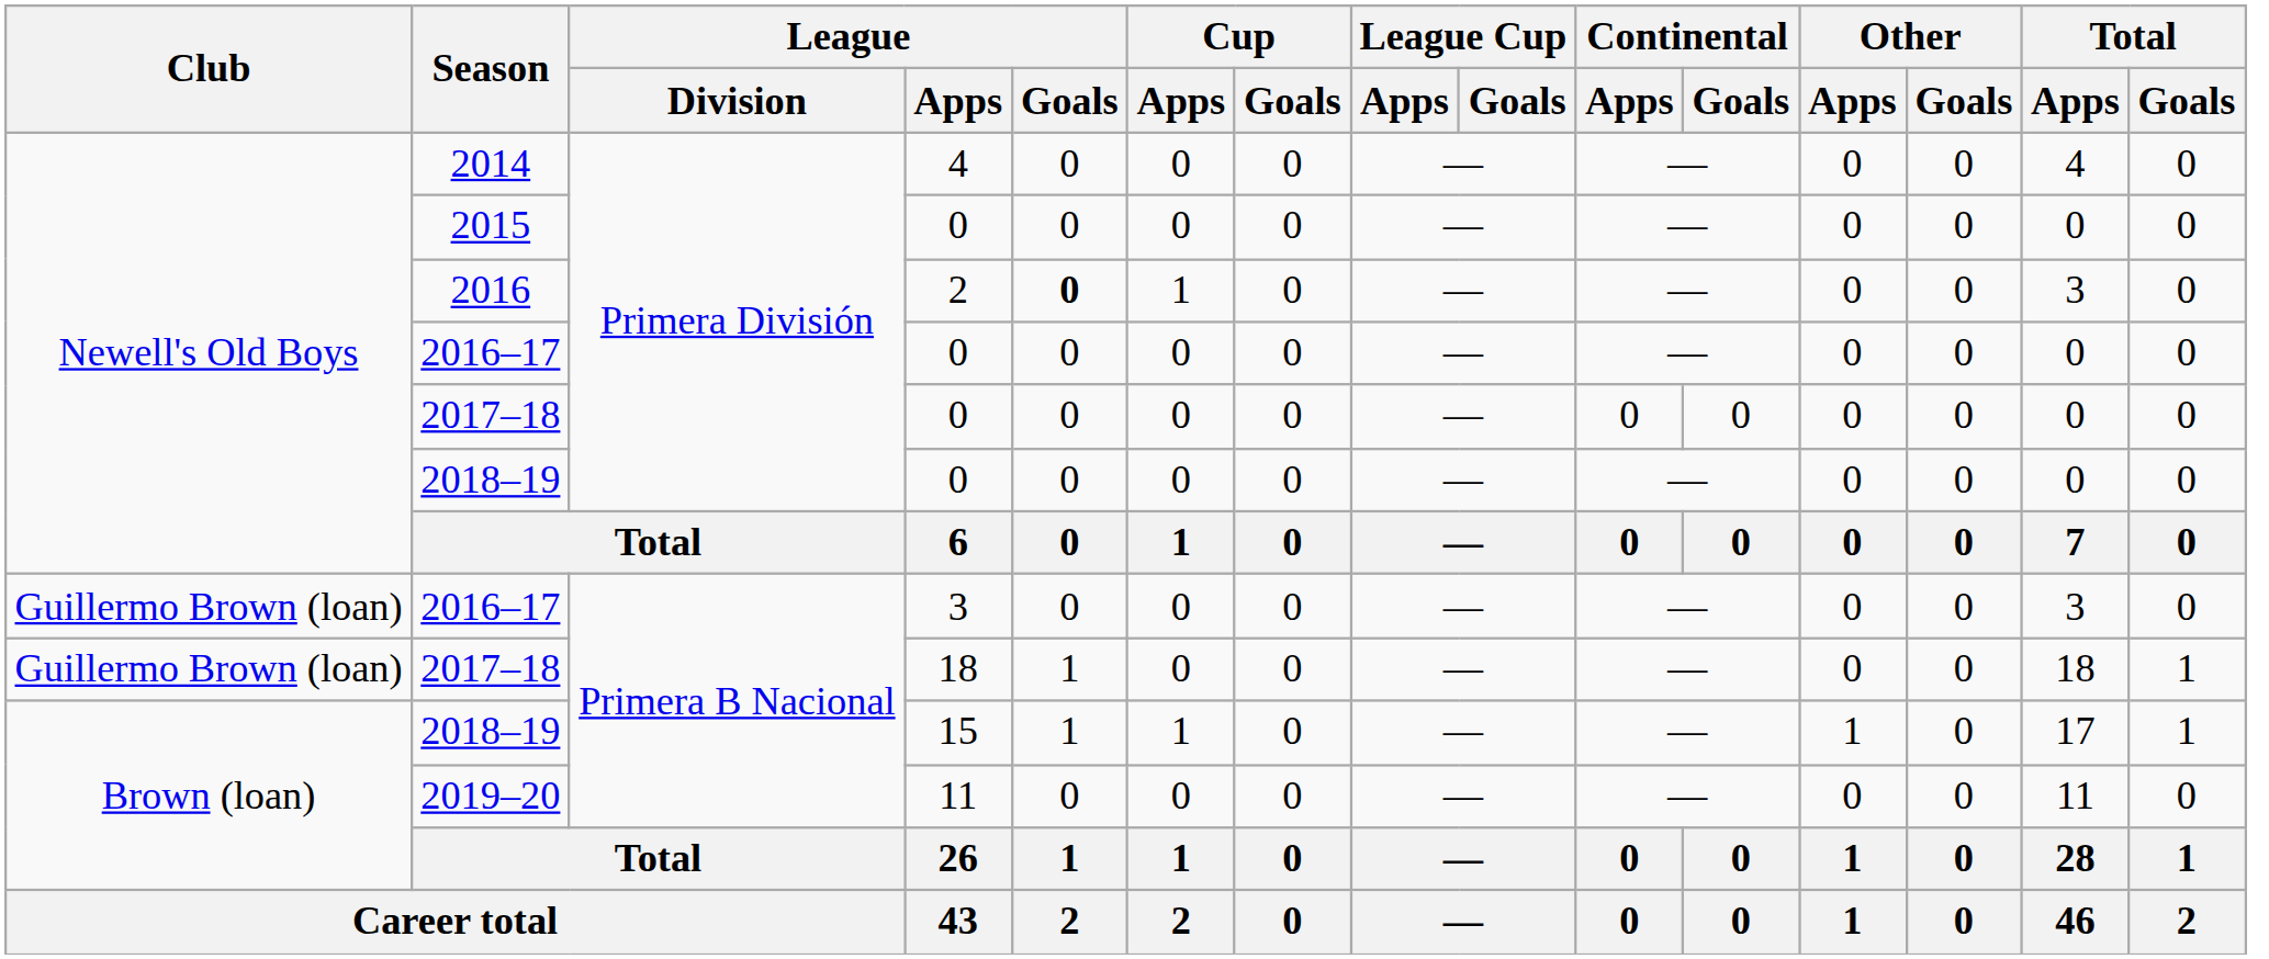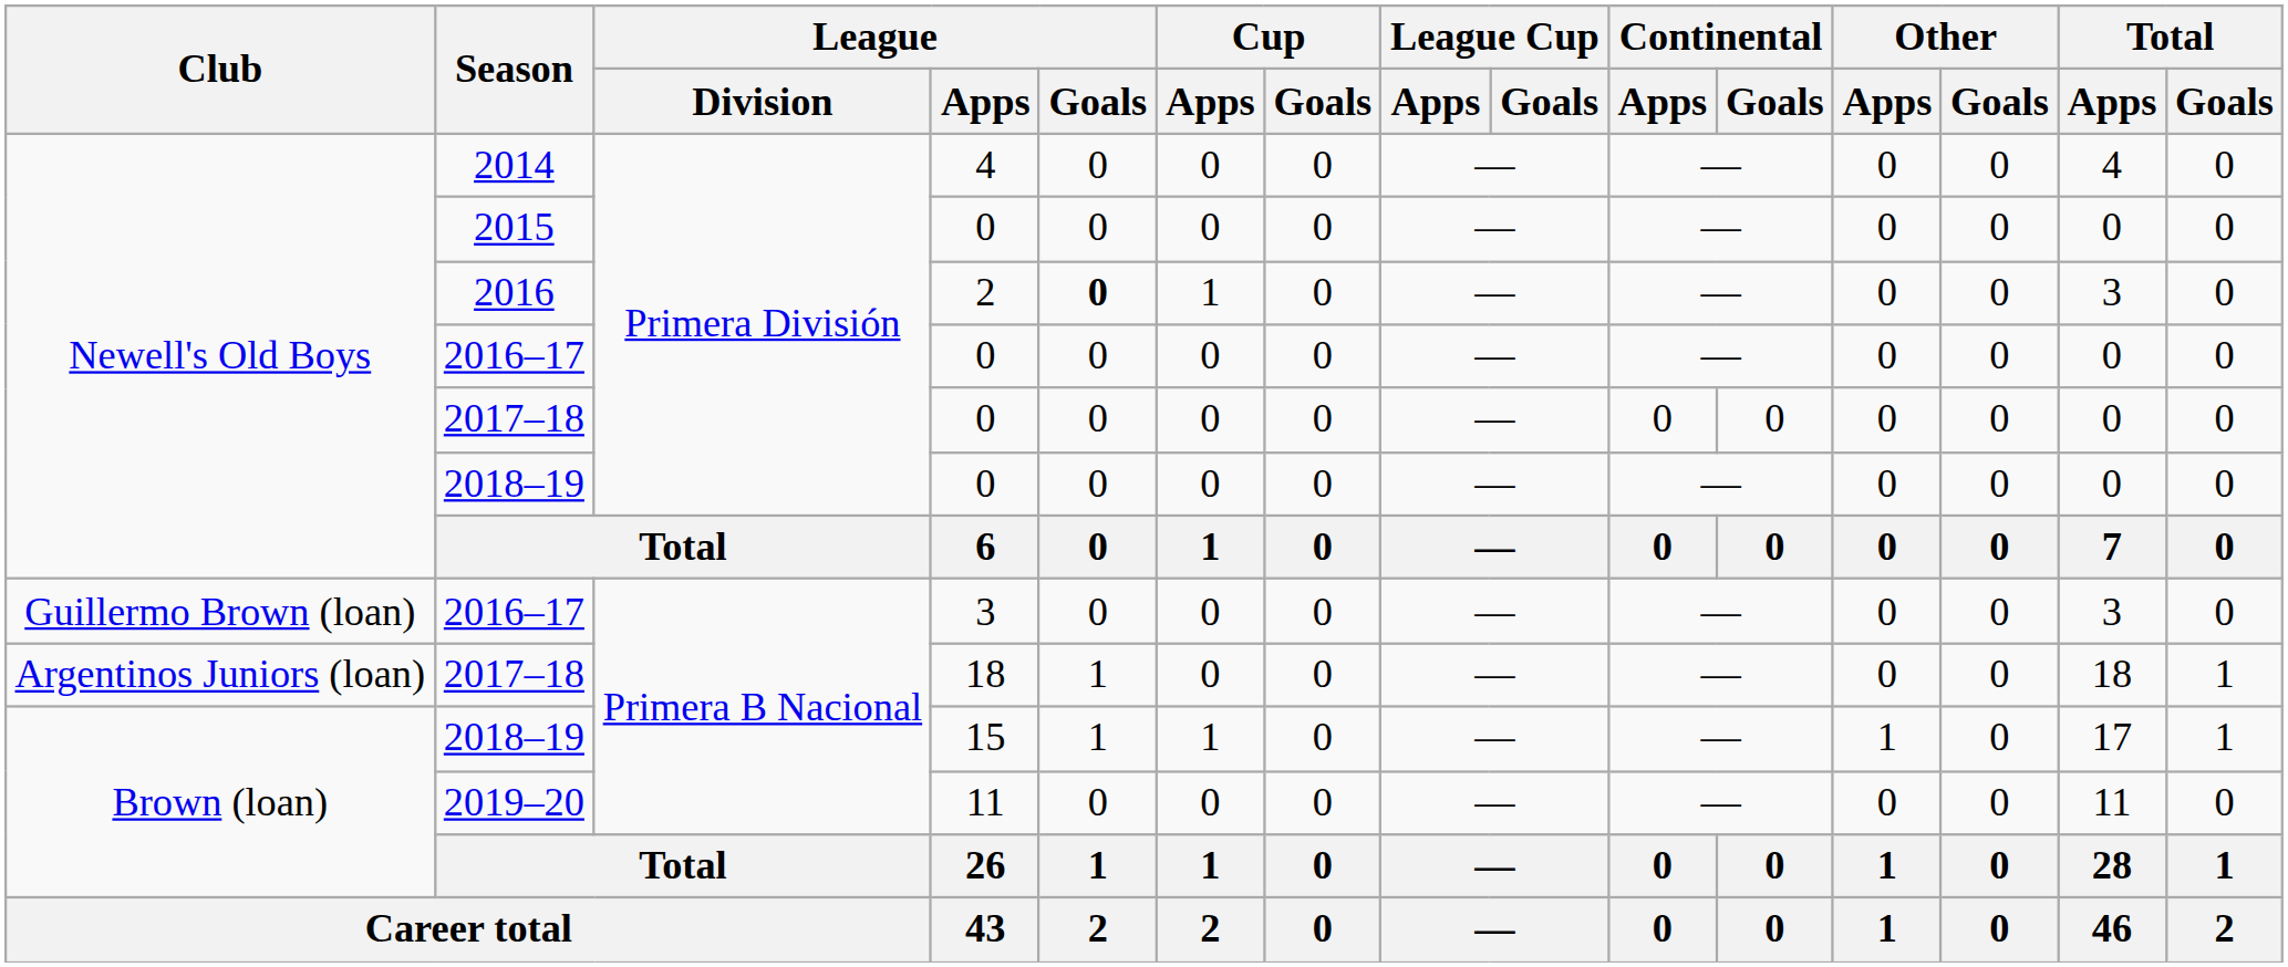 <table class="wikitable" style="text-align:center">
 <tr>
 <th rowspan="2">Club</th>
 <th rowspan="2">Season</th>
 <th colspan="3">League</th>
 <th colspan="2">Cup</th>
 <th colspan="2">League Cup</th>
 <th colspan="2">Continental</th>
 <th colspan="2">Other</th>
 <th colspan="2">Total</th>
 </tr>
 <tr>
 <th>Division</th>
 <th>Apps</th>
 <th>Goals</th>
 <th>Apps</th>
 <th>Goals</th>
 <th>Apps</th>
 <th>Goals</th>
 <th>Apps</th>
 <th>Goals</th>
 <th>Apps</th>
 <th>Goals</th>
 <th>Apps</th>
 <th>Goals</th>
 </tr>
 <tr>
 <td rowspan="7"><a href='#'>Newell's Old Boys</a></td>
 <td><a href='#'>2014</a></td>
 <td rowspan="6"><a href='#'>Primera División</a></td>
 <td>4</td>
 <td>0</td>
 <td>0</td>
 <td>0</td>
 <td colspan="2">—</td>
 <td colspan="2">—</td>
 <td>0</td>
 <td>0</td>
 <td>4</td>
 <td>0</td>
 </tr>
 <tr>
 <td><a href='#'>2015</a></td>
 <td>0</td>
 <td>0</td>
 <td>0</td>
 <td>0</td>
 <td colspan="2">—</td>
 <td colspan="2">—</td>
 <td>0</td>
 <td>0</td>
 <td>0</td>
 <td>0</td>
 </tr>
 <tr>
 <td><a href='#'>2016</a></td>
 <td>2</td>
 <td><strong>0</strong></td>
 <td>1</td>
 <td>0</td>
 <td colspan="2">—</td>
 <td colspan="2">—</td>
 <td>0</td>
 <td>0</td>
 <td>3</td>
 <td>0</td>
 </tr>
 <tr>
 <td><a href='#'>2016–17</a></td>
 <td>0</td>
 <td>0</td>
 <td>0</td>
 <td>0</td>
 <td colspan="2">—</td>
 <td colspan="2">—</td>
 <td>0</td>
 <td>0</td>
 <td>0</td>
 <td>0</td>
 </tr>
 <tr>
 <td><a href='#'>2017–18</a></td>
 <td>0</td>
 <td>0</td>
 <td>0</td>
 <td>0</td>
 <td colspan="2">—</td>
 <td>0</td>
 <td>0</td>
 <td>0</td>
 <td>0</td>
 <td>0</td>
 <td>0</td>
 </tr>
 <tr>
 <td><a href='#'>2018–19</a></td>
 <td>0</td>
 <td>0</td>
 <td>0</td>
 <td>0</td>
 <td colspan="2">—</td>
 <td colspan="2">—</td>
 <td>0</td>
 <td>0</td>
 <td>0</td>
 <td>0</td>
 </tr>
 <tr>
 <th colspan="2">Total</th>
 <th>6</th>
 <th>0</th>
 <th>1</th>
 <th>0</th>
 <th colspan="2">—</th>
 <th>0</th>
 <th>0</th>
 <th>0</th>
 <th>0</th>
 <th>7</th>
 <th>0</th>
 </tr>
 <tr>
 <td rowspan="1"><a href='#'>Guillermo Brown</a> (loan)</td>
 <td><a href='#'>2016–17</a></td>
 <td rowspan="4"><a href='#'>Primera B Nacional</a></td>
 <td>3</td>
 <td>0</td>
 <td>0</td>
 <td>0</td>
 <td colspan="2">—</td>
 <td colspan="2">—</td>
 <td>0</td>
 <td>0</td>
 <td>3</td>
 <td>0</td>
 </tr>
 <tr>
-<td rowspan="1"><a href='#'>Guillermo Brown</a> (loan)</td>
+<td rowspan="1"><a href='#'>Argentinos Juniors</a> (loan)</td>
 <td><a href='#'>2017–18</a></td>
 <td>18</td>
 <td>1</td>
 <td>0</td>
 <td>0</td>
 <td colspan="2">—</td>
 <td colspan="2">—</td>
 <td>0</td>
 <td>0</td>
 <td>18</td>
 <td>1</td>
 </tr>
 <tr>
 <td rowspan="3"><a href='#'>Brown</a> (loan)</td>
 <td><a href='#'>2018–19</a></td>
 <td>15</td>
 <td>1</td>
 <td>1</td>
 <td>0</td>
 <td colspan="2">—</td>
 <td colspan="2">—</td>
 <td>1</td>
 <td>0</td>
 <td>17</td>
 <td>1</td>
 </tr>
 <tr>
 <td><a href='#'>2019–20</a></td>
 <td>11</td>
 <td>0</td>
 <td>0</td>
 <td>0</td>
 <td colspan="2">—</td>
 <td colspan="2">—</td>
 <td>0</td>
 <td>0</td>
 <td>11</td>
 <td>0</td>
 </tr>
 <tr>
 <th colspan="2">Total</th>
 <th>26</th>
 <th>1</th>
 <th>1</th>
 <th>0</th>
 <th colspan="2">—</th>
 <th>0</th>
 <th>0</th>
 <th>1</th>
 <th>0</th>
 <th>28</th>
 <th>1</th>
 </tr>
 <tr>
 <th colspan="3">Career total</th>
 <th>43</th>
 <th>2</th>
 <th>2</th>
 <th>0</th>
 <th colspan="2">—</th>
 <th>0</th>
 <th>0</th>
 <th>1</th>
 <th>0</th>
 <th>46</th>
 <th>2</th>
 </tr>
 </table>
